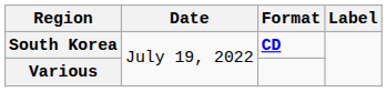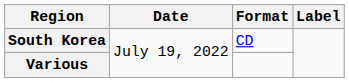 <table class="wikitable plainrowheaders">
 <tr>
 <th scope="col">Region</th>
 <th scope="col">Date</th>
 <th scope="col">Format</th>
 <th scope="col">Label</th>
 </tr>
 <tr>
 <th scope="row">South Korea</th>
 <td rowspan="2">July 19, 2022</td>
-<td><strong><a href='#'>CD</a></strong></td>
+<td><a href='#'>CD</a></td>
 <td rowspan="2"></td>
 </tr>
 <tr>
 <th scope="row">Various </th>
 <td></td>
 </tr>
 </table>
